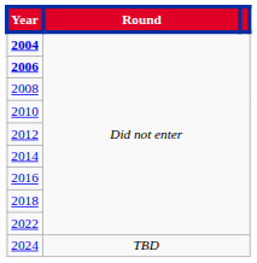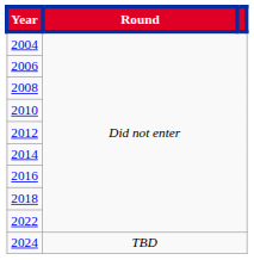 <table class="wikitable" style="text-align: center; font-size:90%">
 <tr style="color:white;">
 <th style="background:#e00025; border: 4px solid #032ea1;">Year</th>
 <th style="background:#e00025; border: 4px solid #032ea1; width:200px">Round</th>
 <th style="background:#e00025; border: 4px solid #032ea1;"></th>
 </tr>
 <tr>
-<td><strong><a href='#'>2004</a></strong></td>
+<td><a href='#'>2004</a></td>
 <td colspan="2" rowspan="9"><em>Did not enter</em></td>
 </tr>
 <tr>
-<td><strong><a href='#'>2006</a></strong></td>
+<td><a href='#'>2006</a></td>
 </tr>
 <tr>
 <td><a href='#'>2008</a></td>
 </tr>
 <tr>
 <td><a href='#'>2010</a></td>
 </tr>
 <tr>
 <td><a href='#'>2012</a></td>
 </tr>
 <tr>
 <td><a href='#'>2014</a></td>
 </tr>
 <tr>
 <td><a href='#'>2016</a></td>
 </tr>
 <tr>
 <td><a href='#'>2018</a></td>
 </tr>
 <tr>
 <td><a href='#'>2022</a></td>
 </tr>
 <tr>
 <td><a href='#'>2024</a></td>
 <td colspan="2"><em>TBD</em></td>
 </tr>
 </table>
